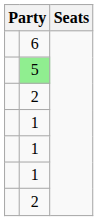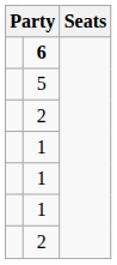 <table class="wikitable" style="font-size: 95%;">
 <tr>
 <th colspan=2>Party</th>
 <th>Seats</th>
 </tr>
 <tr>
 <td></td>
-<td align="center">6</td>
+<td align="center"><strong>6</strong></td>
 </tr>
 <tr>
 <td></td>
-<td align="center" style="background: lightgreen;">5</td>
+<td align="center">5</td>
 </tr>
 <tr>
 <td></td>
 <td align="center">2</td>
 </tr>
 <tr>
 <td></td>
 <td align="center">1</td>
 </tr>
 <tr>
 <td></td>
 <td align="center">1</td>
 </tr>
 <tr>
 <td></td>
 <td align="center">1</td>
 </tr>
 <tr>
 <td></td>
 <td align="center">2</td>
 </tr>
 </table>
